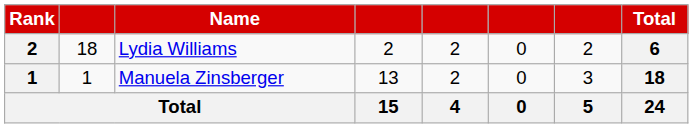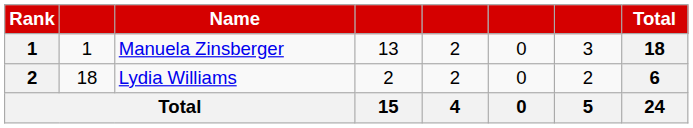 <table class="wikitable sortable" style="text-align:center; font-size:100%; ">
 <tr>
 <th style="background:#d50000; color:white; text-align:center; width:40px">Rank</th>
 <th style="background:#d50000; color:white; text-align:center; width:40px"></th>
 <th style="background:#d50000; color:white; text-align:center; width:200px">Name</th>
 <th style="background:#d50000; color:white; text-align:center; width:50px;"><a href='#'></a></th>
 <th style="background:#d50000; color:white; text-align:center; width:50px;"><a href='#'></a></th>
 <th style="background:#d50000; color:white; text-align:center; width:50px;"><a href='#'></a></th>
 <th style="background:#d50000; color:white; text-align:center; width:50px;"><a href='#'></a></th>
 <th style="background:#d50000; color:white; text-align:center; width:50px;">Total</th>
 </tr>
 <tr>
+<th>1</th>
+<td>1</td>
+<td align="left"> <a href='#'>Manuela Zinsberger</a></td>
+<td>13</td>
+<td>2</td>
+<td>0</td>
+<td>3</td>
+<th>18</th>
+</tr>
+<tr>
 <th>2</th>
 <td>18</td>
 <td align="left"> <a href='#'>Lydia Williams</a></td>
 <td>2</td>
 <td>2</td>
 <td>0</td>
 <td>2</td>
 <th>6</th>
 </tr>
 <tr>
-<th>1</th>
-<td>1</td>
-<td align="left"> <a href='#'>Manuela Zinsberger</a></td>
-<td>13</td>
-<td>2</td>
-<td>0</td>
-<td>3</td>
-<th>18</th>
-</tr>
-<tr>
 <th colspan="3">Total</th>
 <th>15</th>
 <th>4</th>
 <th>0</th>
 <th>5</th>
 <th>24</th>
 </tr>
 </table>
